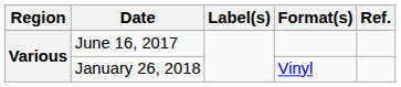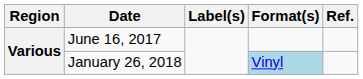 <table class="wikitable plainrowheaders">
 <tr>
 <th scope="col">Region</th>
 <th scope="col">Date</th>
 <th scope="col">Label(s)</th>
 <th scope="col">Format(s)</th>
 <th scope="col">Ref.</th>
 </tr>
 <tr>
 <th scope="row" rowspan="2">Various</th>
 <td>June 16, 2017</td>
 <td rowspan="2"></td>
 <td></td>
 <td></td>
 </tr>
 <tr>
 <td>January 26, 2018</td>
-<td><a href='#'>Vinyl</a></td>
+<td style="background: lightblue;"><a href='#'>Vinyl</a></td>
 <td></td>
 </tr>
 </table>
